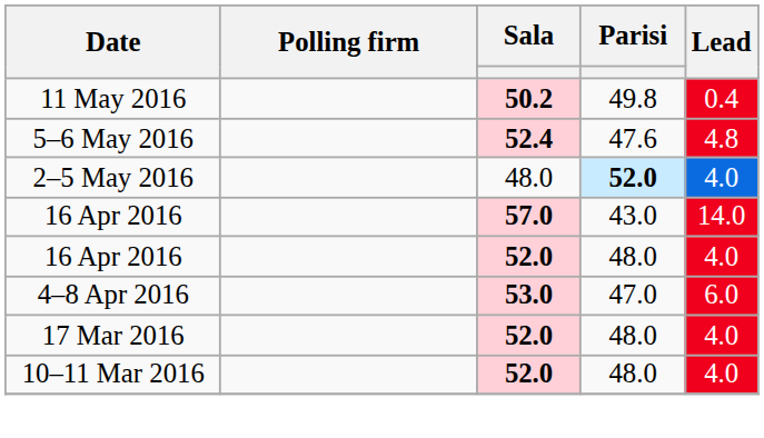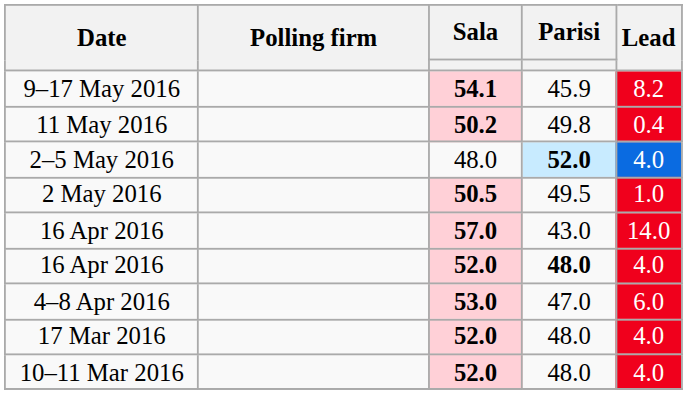 <table class="wikitable collapsible" style="text-align:center;font-size:85%;line-height:13px">
 <tr style="height:30px; background-color:#E9E9E9">
 <th style="width:100px;" rowspan="2">Date</th>
 <th style="width:120px;" rowspan="2">Polling firm</th>
 <th style="width:45px;">Sala</th>
 <th style="width:45px;">Parisi</th>
 <th style="width:25px;" rowspan="2">Lead</th>
 </tr>
 <tr>
 <th style="background:"></th>
 <th style="background:"></th>
 </tr>
 <tr>
+<td>9–17 May 2016</td>
+<td></td>
+<td style="background:#FFD0D7"><strong>54.1</strong></td>
+<td>45.9</td>
+<td style="background:#F0001C; color:white;">8.2</td>
+</tr>
+<tr>
 <td>11 May 2016</td>
 <td></td>
 <td style="background:#FFD0D7"><strong>50.2</strong></td>
 <td>49.8</td>
 <td style="background:#F0001C; color:white;">0.4</td>
 </tr>
 <tr>
-<td>5–6 May 2016</td>
-<td></td>
-<td style="background:#FFD0D7"><strong>52.4</strong></td>
-<td>47.6</td>
-<td style="background:#F0001C; color:white;">4.8</td>
-</tr>
-<tr>
 <td>2–5 May 2016</td>
 <td></td>
 <td>48.0</td>
 <td style="background:#C8EBFF"><strong>52.0</strong></td>
 <td style="background:#0A6BE1; color:white;">4.0</td>
+</tr>
+<tr>
+<td>2 May 2016</td>
+<td></td>
+<td style="background:#FFD0D7"><strong>50.5</strong></td>
+<td>49.5</td>
+<td style="background:#F0001C; color:white;">1.0</td>
 </tr>
 <tr>
 <td>16 Apr 2016</td>
 <td></td>
 <td style="background:#FFD0D7"><strong>57.0</strong></td>
 <td>43.0</td>
 <td style="background:#F0001C; color:white;">14.0</td>
 </tr>
 <tr>
 <td>16 Apr 2016</td>
 <td></td>
 <td style="background:#FFD0D7"><strong>52.0</strong></td>
-<td>48.0</td>
+<td><strong>48.0</strong></td>
 <td style="background:#F0001C; color:white;">4.0</td>
 </tr>
 <tr>
 <td>4–8 Apr 2016</td>
 <td></td>
 <td style="background:#FFD0D7"><strong>53.0</strong></td>
 <td>47.0</td>
 <td style="background:#F0001C; color:white;">6.0</td>
 </tr>
 <tr>
 <td>17 Mar 2016</td>
 <td></td>
 <td style="background:#FFD0D7"><strong>52.0</strong></td>
 <td>48.0</td>
 <td style="background:#F0001C; color:white;">4.0</td>
 </tr>
 <tr>
 <td>10–11 Mar 2016</td>
 <td></td>
 <td style="background:#FFD0D7"><strong>52.0</strong></td>
 <td>48.0</td>
 <td style="background:#F0001C; color:white;">4.0</td>
 </tr>
 <tr>
 </tr>
 </table>
